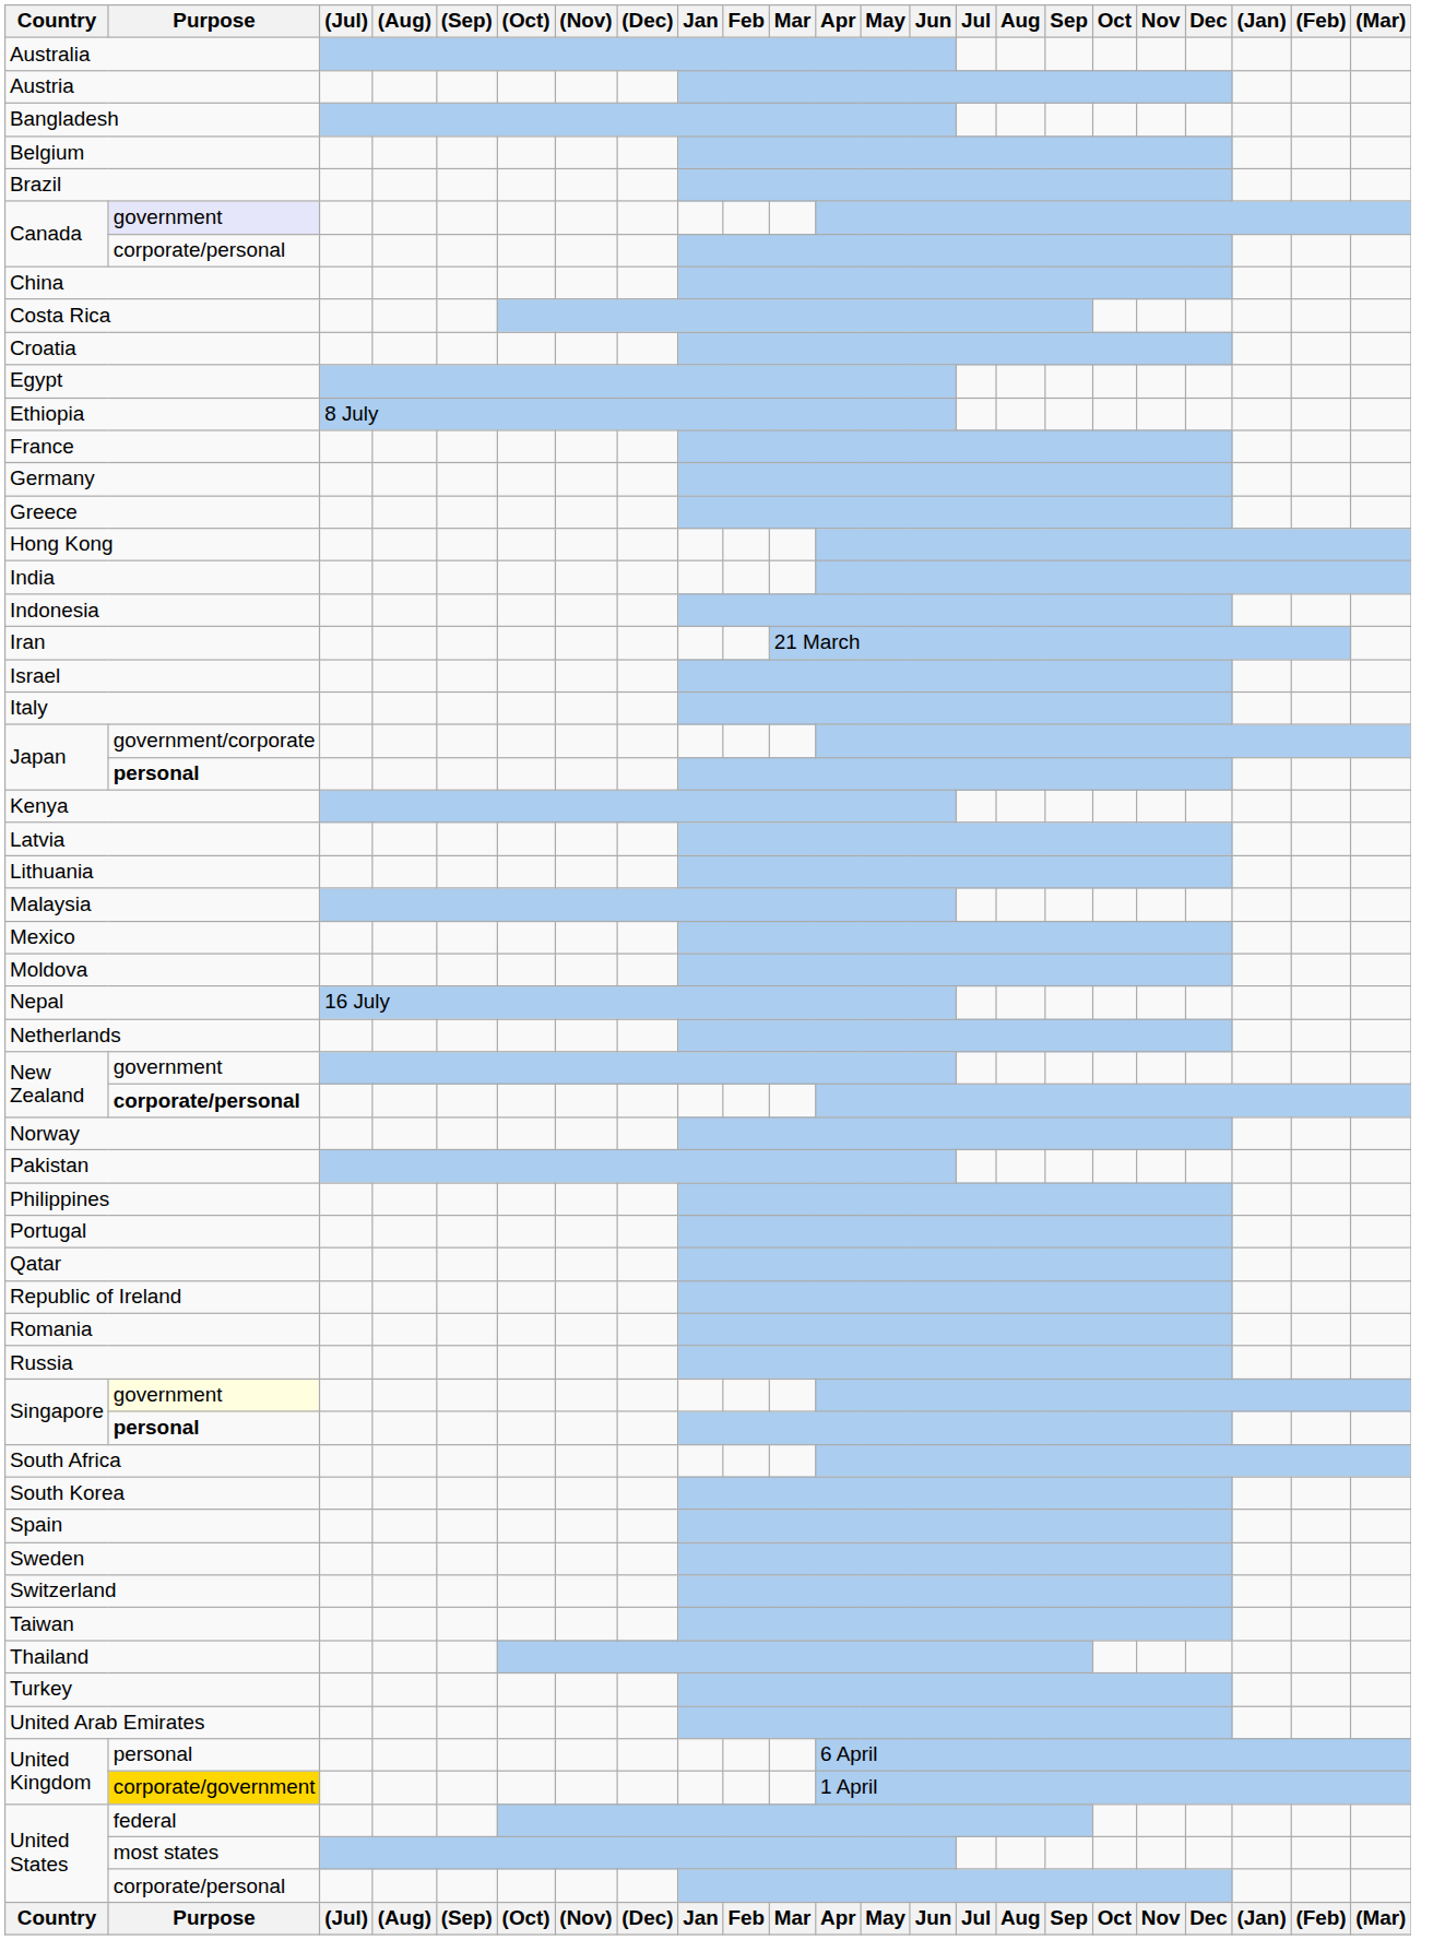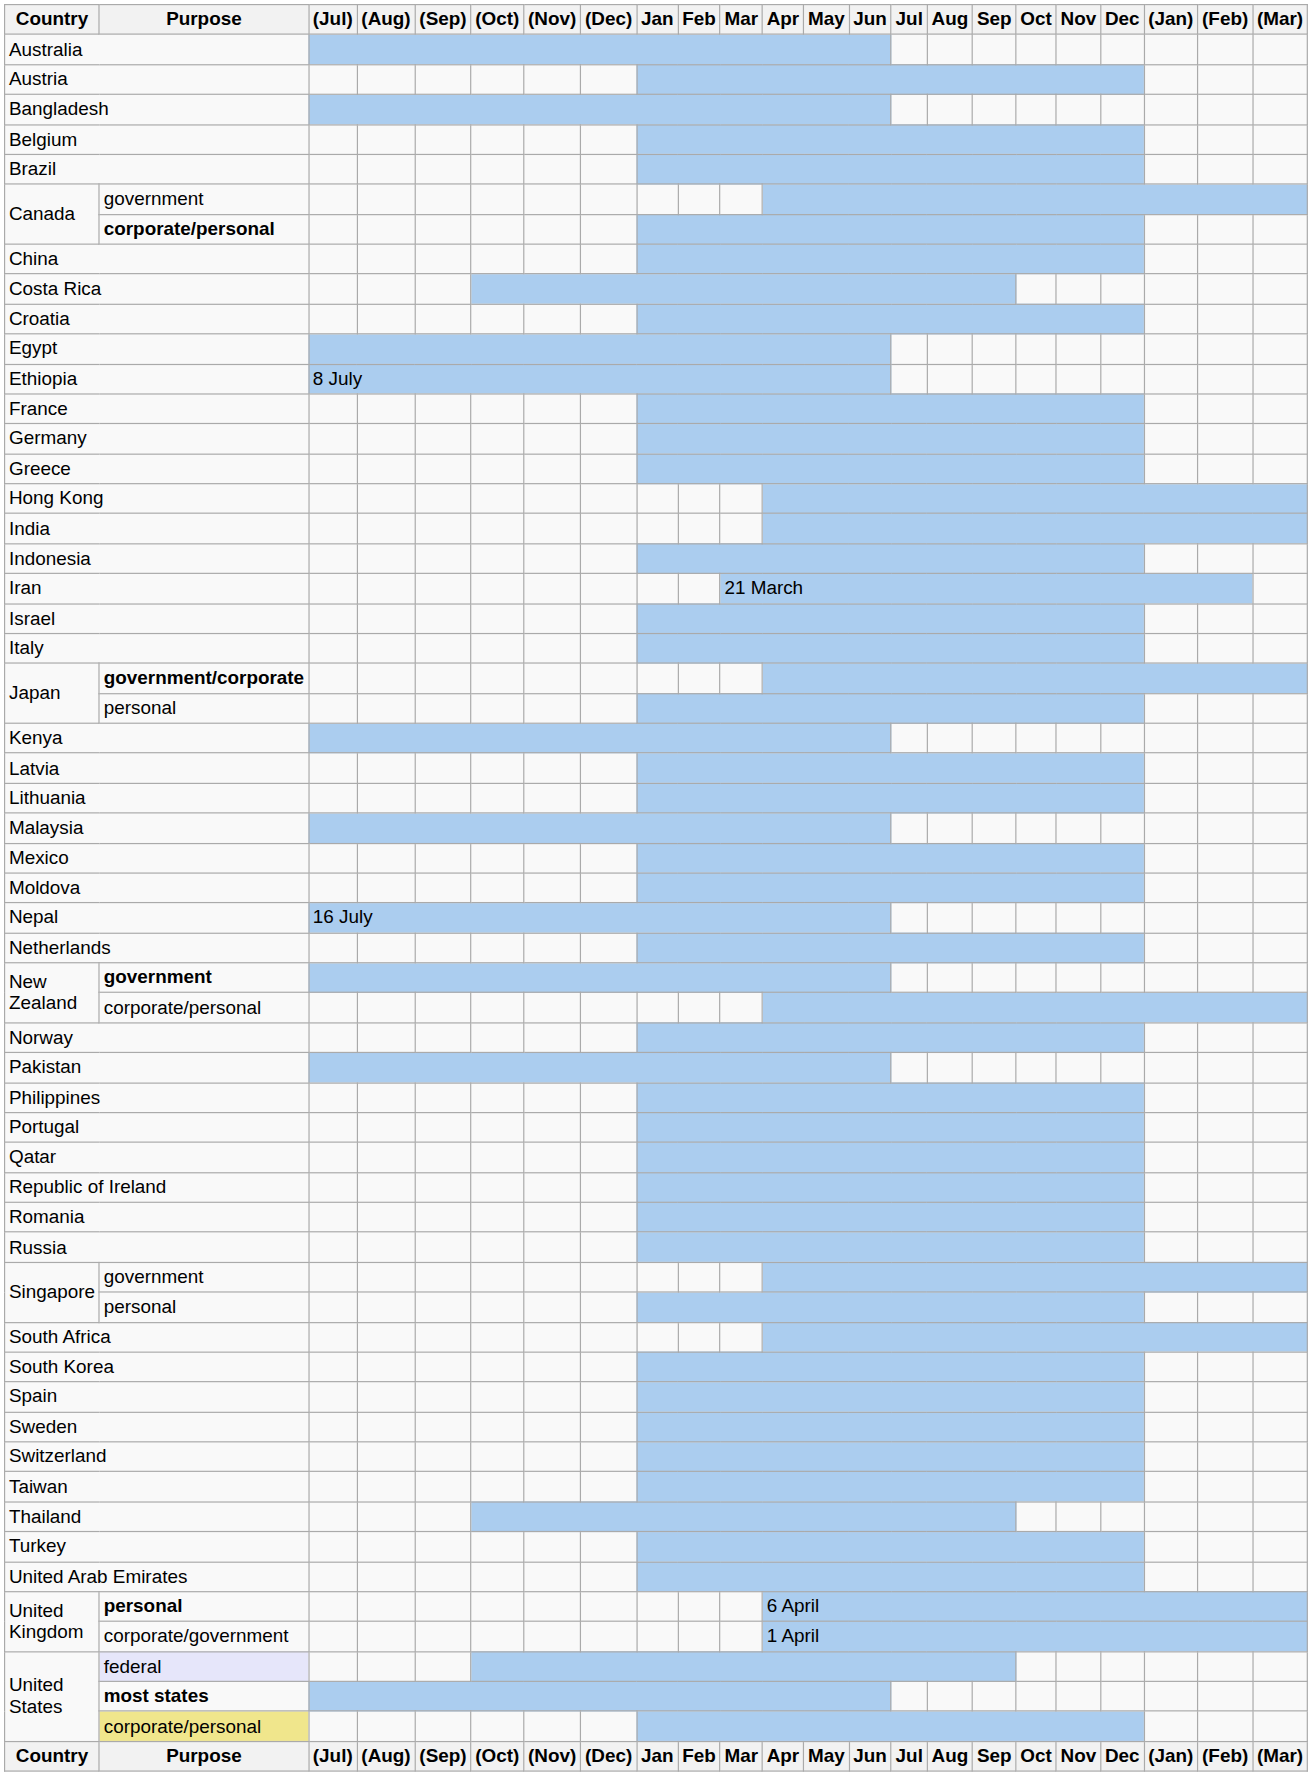 <table class="wikitable collapsible" border="1">
 <tr>
 <th width=90px>Country</th>
 <th width=100px>Purpose</th>
 <th width=20px>(Jul)</th>
 <th width=20px>(Aug)</th>
 <th width=20px>(Sep)</th>
 <th width=20px>(Oct)</th>
 <th width=20px>(Nov)</th>
 <th width=20px>(Dec)</th>
 <th width=20px>Jan</th>
 <th width=20px>Feb</th>
 <th width=20px>Mar</th>
 <th width=20px>Apr</th>
 <th width=20px>May</th>
 <th width=20px>Jun</th>
 <th width=20px>Jul</th>
 <th width=20px>Aug</th>
 <th width=20px>Sep</th>
 <th width=20px>Oct</th>
 <th width=20px>Nov</th>
 <th width=20px>Dec</th>
 <th width=20px>(Jan)</th>
 <th width=20px>(Feb)</th>
 <th width=20px>(Mar)</th>
 </tr>
 <tr>
 <td colspan=2>Australia</td>
 <td colspan=12 style="background: #ABCDEF;"></td>
 <td></td>
 <td></td>
 <td></td>
 <td></td>
 <td></td>
 <td></td>
 <td></td>
 <td></td>
 <td></td>
 </tr>
 <tr>
 <td colspan=2>Austria</td>
 <td></td>
 <td></td>
 <td></td>
 <td></td>
 <td></td>
 <td></td>
 <td colspan=12 style="background: #ABCDEF;"></td>
 <td></td>
 <td></td>
 <td></td>
 </tr>
 <tr>
 <td colspan=2>Bangladesh</td>
 <td colspan=12 style="background: #ABCDEF;"></td>
 <td></td>
 <td></td>
 <td></td>
 <td></td>
 <td></td>
 <td></td>
 <td></td>
 <td></td>
 <td></td>
 </tr>
 <tr>
 <td colspan=2>Belgium</td>
 <td></td>
 <td></td>
 <td></td>
 <td></td>
 <td></td>
 <td></td>
 <td colspan=12 style="background: #ABCDEF;"></td>
 <td></td>
 <td></td>
 <td></td>
 </tr>
 <tr>
 <td colspan=2>Brazil</td>
 <td></td>
 <td></td>
 <td></td>
 <td></td>
 <td></td>
 <td></td>
 <td colspan=12 style="background: #ABCDEF;"></td>
 <td></td>
 <td></td>
 <td></td>
 </tr>
 <tr>
 <td rowspan=2>Canada</td>
-<td style="background: lavender;">government</td>
+<td>government</td>
 <td></td>
 <td></td>
 <td></td>
 <td></td>
 <td></td>
 <td></td>
 <td></td>
 <td></td>
 <td></td>
 <td colspan=12 style="background: #ABCDEF;"></td>
 </tr>
 <tr>
-<td>corporate/personal</td>
+<td><strong>corporate/personal</strong></td>
 <td></td>
 <td></td>
 <td></td>
 <td></td>
 <td></td>
 <td></td>
 <td colspan=12 style="background: #ABCDEF;"></td>
 <td></td>
 <td></td>
 <td></td>
 </tr>
 <tr>
 <td colspan=2>China</td>
 <td></td>
 <td></td>
 <td></td>
 <td></td>
 <td></td>
 <td></td>
 <td colspan=12 style="background: #ABCDEF;"></td>
 <td></td>
 <td></td>
 <td></td>
 </tr>
 <tr>
 <td colspan=2>Costa Rica</td>
 <td></td>
 <td></td>
 <td></td>
 <td colspan=12 style="background: #ABCDEF;"></td>
 <td></td>
 <td></td>
 <td></td>
 <td></td>
 <td></td>
 <td></td>
 </tr>
 <tr>
 <td colspan=2>Croatia</td>
 <td></td>
 <td></td>
 <td></td>
 <td></td>
 <td></td>
 <td></td>
 <td colspan=12 style="background: #ABCDEF;"></td>
 <td></td>
 <td></td>
 <td></td>
 </tr>
 <tr>
 <td colspan=2>Egypt</td>
 <td colspan=12 style="background: #ABCDEF;"></td>
 <td></td>
 <td></td>
 <td></td>
 <td></td>
 <td></td>
 <td></td>
 <td></td>
 <td></td>
 <td></td>
 </tr>
 <tr>
 <td colspan=2>Ethiopia</td>
 <td colspan="12" style="background: #ABCDEF;">8 July</td>
 <td></td>
 <td></td>
 <td></td>
 <td></td>
 <td></td>
 <td></td>
 <td></td>
 <td></td>
 <td></td>
 </tr>
 <tr>
 <td colspan=2>France</td>
 <td></td>
 <td></td>
 <td></td>
 <td></td>
 <td></td>
 <td></td>
 <td colspan=12 style="background: #ABCDEF;"></td>
 <td></td>
 <td></td>
 <td></td>
 </tr>
 <tr>
 <td colspan=2>Germany</td>
 <td></td>
 <td></td>
 <td></td>
 <td></td>
 <td></td>
 <td></td>
 <td colspan=12 style="background: #ABCDEF;"></td>
 <td></td>
 <td></td>
 <td></td>
 </tr>
 <tr>
 <td colspan=2>Greece</td>
 <td></td>
 <td></td>
 <td></td>
 <td></td>
 <td></td>
 <td></td>
 <td colspan=12 style="background: #ABCDEF;"></td>
 <td></td>
 <td></td>
 <td></td>
 </tr>
 <tr>
 <td colspan=2>Hong Kong</td>
 <td></td>
 <td></td>
 <td></td>
 <td></td>
 <td></td>
 <td></td>
 <td></td>
 <td></td>
 <td></td>
 <td colspan=12 style="background: #ABCDEF;"></td>
 </tr>
 <tr>
 <td colspan=2>India</td>
 <td></td>
 <td></td>
 <td></td>
 <td></td>
 <td></td>
 <td></td>
 <td></td>
 <td></td>
 <td></td>
 <td colspan=12 style="background: #ABCDEF;"></td>
 </tr>
 <tr>
 <td colspan=2>Indonesia</td>
 <td></td>
 <td></td>
 <td></td>
 <td></td>
 <td></td>
 <td></td>
 <td colspan=12 style="background: #ABCDEF;"></td>
 <td></td>
 <td></td>
 <td></td>
 </tr>
 <tr>
 <td colspan=2>Iran</td>
 <td></td>
 <td></td>
 <td></td>
 <td></td>
 <td></td>
 <td></td>
 <td></td>
 <td></td>
 <td colspan=12 style="background: #ABCDEF;">21 March</td>
 <td></td>
 </tr>
 <tr>
 <td colspan=2>Israel</td>
 <td></td>
 <td></td>
 <td></td>
 <td></td>
 <td></td>
 <td></td>
 <td colspan=12 style="background: #ABCDEF;"></td>
 <td></td>
 <td></td>
 <td></td>
 </tr>
 <tr>
 <td colspan=2>Italy</td>
 <td></td>
 <td></td>
 <td></td>
 <td></td>
 <td></td>
 <td></td>
 <td colspan=12 style="background: #ABCDEF;"></td>
 <td></td>
 <td></td>
 <td></td>
 </tr>
 <tr>
 <td rowspan=2>Japan</td>
-<td>government/corporate</td>
+<td><strong>government/corporate</strong></td>
 <td></td>
 <td></td>
 <td></td>
 <td></td>
 <td></td>
 <td></td>
 <td></td>
 <td></td>
 <td></td>
 <td colspan=12 style="background: #ABCDEF;"></td>
 </tr>
 <tr>
-<td><strong>personal</strong></td>
+<td>personal</td>
 <td></td>
 <td></td>
 <td></td>
 <td></td>
 <td></td>
 <td></td>
 <td colspan=12 style="background: #ABCDEF;"></td>
 <td></td>
 <td></td>
 <td></td>
 </tr>
 <tr>
 <td colspan=2>Kenya</td>
 <td colspan=12 style="background: #ABCDEF;"></td>
 <td></td>
 <td></td>
 <td></td>
 <td></td>
 <td></td>
 <td></td>
 <td></td>
 <td></td>
 <td></td>
 </tr>
 <tr>
 <td colspan=2>Latvia</td>
 <td></td>
 <td></td>
 <td></td>
 <td></td>
 <td></td>
 <td></td>
 <td colspan=12 style="background: #ABCDEF;"></td>
 <td></td>
 <td></td>
 <td></td>
 </tr>
 <tr>
 <td colspan=2>Lithuania</td>
 <td></td>
 <td></td>
 <td></td>
 <td></td>
 <td></td>
 <td></td>
 <td colspan=12 style="background: #ABCDEF;"></td>
 <td></td>
 <td></td>
 <td></td>
 </tr>
 <tr>
 <td colspan=2>Malaysia</td>
 <td colspan=12 style="background: #ABCDEF;"></td>
 <td></td>
 <td></td>
 <td></td>
 <td></td>
 <td></td>
 <td></td>
 <td></td>
 <td></td>
 <td></td>
 </tr>
 <tr>
 <td colspan=2>Mexico</td>
 <td></td>
 <td></td>
 <td></td>
 <td></td>
 <td></td>
 <td></td>
 <td colspan=12 style="background: #ABCDEF;"></td>
 <td></td>
 <td></td>
 <td></td>
 </tr>
 <tr>
 <td colspan=2>Moldova</td>
 <td></td>
 <td></td>
 <td></td>
 <td></td>
 <td></td>
 <td></td>
 <td colspan=12 style="background: #ABCDEF;"></td>
 <td></td>
 <td></td>
 <td></td>
 </tr>
 <tr>
 <td colspan=2>Nepal</td>
 <td colspan=12 style="background: #ABCDEF;">16 July</td>
 <td></td>
 <td></td>
 <td></td>
 <td></td>
 <td></td>
 <td></td>
 <td></td>
 <td></td>
 <td></td>
 </tr>
 <tr>
 <td colspan=2>Netherlands</td>
 <td></td>
 <td></td>
 <td></td>
 <td></td>
 <td></td>
 <td></td>
 <td colspan=12 style="background: #ABCDEF;"></td>
 <td></td>
 <td></td>
 <td></td>
 </tr>
 <tr>
 <td rowspan=2>New Zealand</td>
-<td>government</td>
+<td><strong>government</strong></td>
 <td colspan=12 style="background: #ABCDEF;"></td>
 <td></td>
 <td></td>
 <td></td>
 <td></td>
 <td></td>
 <td></td>
 <td></td>
 <td></td>
 <td></td>
 </tr>
 <tr>
-<td><strong>corporate/personal</strong></td>
+<td>corporate/personal</td>
 <td></td>
 <td></td>
 <td></td>
 <td></td>
 <td></td>
 <td></td>
 <td></td>
 <td></td>
 <td></td>
 <td colspan=12 style="background: #ABCDEF;"></td>
 </tr>
 <tr>
 <td colspan=2>Norway</td>
 <td></td>
 <td></td>
 <td></td>
 <td></td>
 <td></td>
 <td></td>
 <td colspan=12 style="background: #ABCDEF;"></td>
 <td></td>
 <td></td>
 <td></td>
 </tr>
 <tr>
 <td colspan=2>Pakistan</td>
 <td colspan=12 style="background: #ABCDEF;"></td>
 <td></td>
 <td></td>
 <td></td>
 <td></td>
 <td></td>
 <td></td>
 <td></td>
 <td></td>
 <td></td>
 </tr>
 <tr>
 <td colspan=2>Philippines</td>
 <td></td>
 <td></td>
 <td></td>
 <td></td>
 <td></td>
 <td></td>
 <td colspan=12 style="background: #ABCDEF;"></td>
 <td></td>
 <td></td>
 <td></td>
 </tr>
 <tr>
 <td colspan=2>Portugal</td>
 <td></td>
 <td></td>
 <td></td>
 <td></td>
 <td></td>
 <td></td>
 <td colspan=12 style="background: #ABCDEF;"></td>
 <td></td>
 <td></td>
 <td></td>
 </tr>
 <tr>
 <td colspan=2>Qatar</td>
 <td></td>
 <td></td>
 <td></td>
 <td></td>
 <td></td>
 <td></td>
 <td colspan=12 style="background: #ABCDEF;"></td>
 <td></td>
 <td></td>
 <td></td>
 </tr>
 <tr>
 <td colspan=2>Republic of Ireland</td>
 <td></td>
 <td></td>
 <td></td>
 <td></td>
 <td></td>
 <td></td>
 <td colspan=12 style="background: #ABCDEF;"></td>
 <td></td>
 <td></td>
 <td></td>
 </tr>
 <tr>
 <td colspan=2>Romania</td>
 <td></td>
 <td></td>
 <td></td>
 <td></td>
 <td></td>
 <td></td>
 <td colspan=12 style="background: #ABCDEF;"></td>
 <td></td>
 <td></td>
 <td></td>
 </tr>
 <tr>
 <td colspan=2>Russia</td>
 <td></td>
 <td></td>
 <td></td>
 <td></td>
 <td></td>
 <td></td>
 <td colspan=12 style="background: #ABCDEF;"></td>
 <td></td>
 <td></td>
 <td></td>
 </tr>
 <tr>
 <td rowspan=2>Singapore</td>
-<td style="background: lightyellow;">government</td>
+<td>government</td>
 <td></td>
 <td></td>
 <td></td>
 <td></td>
 <td></td>
 <td></td>
 <td></td>
 <td></td>
 <td></td>
 <td colspan=12 style="background: #ABCDEF;"></td>
 </tr>
 <tr>
-<td><strong>personal</strong></td>
+<td>personal</td>
 <td></td>
 <td></td>
 <td></td>
 <td></td>
 <td></td>
 <td></td>
 <td colspan=12 style="background: #ABCDEF;"></td>
 <td></td>
 <td></td>
 <td></td>
 </tr>
 <tr>
 <td colspan=2>South Africa</td>
 <td></td>
 <td></td>
 <td></td>
 <td></td>
 <td></td>
 <td></td>
 <td></td>
 <td></td>
 <td></td>
 <td colspan=12 style="background: #ABCDEF;"></td>
 </tr>
 <tr>
 <td colspan=2>South Korea</td>
 <td></td>
 <td></td>
 <td></td>
 <td></td>
 <td></td>
 <td></td>
 <td colspan=12 style="background: #ABCDEF;"></td>
 <td></td>
 <td></td>
 <td></td>
 </tr>
 <tr>
 <td colspan=2>Spain</td>
 <td></td>
 <td></td>
 <td></td>
 <td></td>
 <td></td>
 <td></td>
 <td colspan=12 style="background: #ABCDEF;"></td>
 <td></td>
 <td></td>
 <td></td>
 </tr>
 <tr>
 <td colspan="2">Sweden</td>
 <td></td>
 <td></td>
 <td></td>
 <td></td>
 <td></td>
 <td></td>
 <td colspan=12 style="background: #ABCDEF;"></td>
 <td></td>
 <td></td>
 <td></td>
 </tr>
 <tr>
 <td colspan="2">Switzerland</td>
 <td></td>
 <td></td>
 <td></td>
 <td></td>
 <td></td>
 <td></td>
 <td colspan=12 style="background: #ABCDEF;"></td>
 <td></td>
 <td></td>
 <td></td>
 </tr>
 <tr>
 <td colspan="2">Taiwan</td>
 <td></td>
 <td></td>
 <td></td>
 <td></td>
 <td></td>
 <td></td>
 <td colspan=12 style="background: #ABCDEF;"></td>
 <td></td>
 <td></td>
 <td></td>
 </tr>
 <tr>
 <td colspan=2>Thailand</td>
 <td></td>
 <td></td>
 <td></td>
 <td colspan=12 style="background: #ABCDEF;"></td>
 <td></td>
 <td></td>
 <td></td>
 <td></td>
 <td></td>
 <td></td>
 </tr>
 <tr>
 <td colspan=2>Turkey</td>
 <td></td>
 <td></td>
 <td></td>
 <td></td>
 <td></td>
 <td></td>
 <td colspan=12 style="background: #ABCDEF;"></td>
 <td></td>
 <td></td>
 <td></td>
 </tr>
 <tr>
 <td colspan=2>United Arab Emirates</td>
 <td></td>
 <td></td>
 <td></td>
 <td></td>
 <td></td>
 <td></td>
 <td colspan=12 style="background: #ABCDEF;"></td>
 <td></td>
 <td></td>
 <td></td>
 </tr>
 <tr>
 <td rowspan=2>United Kingdom</td>
-<td>personal</td>
+<td><strong>personal</strong></td>
 <td></td>
 <td></td>
 <td></td>
 <td></td>
 <td></td>
 <td></td>
 <td></td>
 <td></td>
 <td></td>
 <td colspan=12 style="background: #ABCDEF;">6 April</td>
 </tr>
 <tr>
-<td style="background: gold;">corporate/government</td>
+<td>corporate/government</td>
 <td></td>
 <td></td>
 <td></td>
 <td></td>
 <td></td>
 <td></td>
 <td></td>
 <td></td>
 <td></td>
 <td colspan=12 style="background: #ABCDEF;">1 April</td>
 </tr>
 <tr>
 <td rowspan=3>United States</td>
-<td>federal</td>
+<td style="background: lavender;">federal</td>
 <td></td>
 <td></td>
 <td></td>
 <td colspan=12 style="background: #ABCDEF;"></td>
 <td></td>
 <td></td>
 <td></td>
 <td></td>
 <td></td>
 <td></td>
 </tr>
 <tr>
-<td>most states</td>
+<td><strong>most states</strong></td>
 <td colspan=12 style="background: #ABCDEF;"></td>
 <td></td>
 <td></td>
 <td></td>
 <td></td>
 <td></td>
 <td></td>
 <td></td>
 <td></td>
 <td></td>
 </tr>
 <tr>
-<td>corporate/personal</td>
+<td style="background: khaki;">corporate/personal</td>
 <td></td>
 <td></td>
 <td></td>
 <td></td>
 <td></td>
 <td></td>
 <td colspan=12 style="background: #ABCDEF;"></td>
 <td></td>
 <td></td>
 <td></td>
 </tr>
 <tr>
 <th>Country</th>
 <th>Purpose</th>
 <th>(Jul)</th>
 <th>(Aug)</th>
 <th>(Sep)</th>
 <th>(Oct)</th>
 <th>(Nov)</th>
 <th>(Dec)</th>
 <th>Jan</th>
 <th>Feb</th>
 <th>Mar</th>
 <th>Apr</th>
 <th>May</th>
 <th>Jun</th>
 <th>Jul</th>
 <th>Aug</th>
 <th>Sep</th>
 <th>Oct</th>
 <th>Nov</th>
 <th>Dec</th>
 <th>(Jan)</th>
 <th>(Feb)</th>
 <th>(Mar)</th>
 </tr>
 </table>
